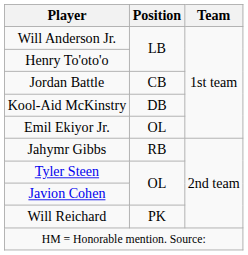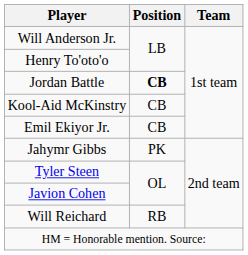 <table class="wikitable" style="text-align: center">
 <tr style="text-align:center">
 <th>Player</th>
 <th>Position</th>
 <th>Team</th>
 </tr>
 <tr>
 <td>Will Anderson Jr.</td>
 <td rowspan=2>LB</td>
 <td rowspan=5>1st team</td>
 </tr>
 <tr>
 <td>Henry To'oto'o</td>
 </tr>
 <tr>
 <td>Jordan Battle</td>
+<td><strong>CB</strong></td>
+</tr>
+<tr>
+<td>Kool-Aid McKinstry</td>
 <td>CB</td>
 </tr>
 <tr>
-<td>Kool-Aid McKinstry</td>
-<td>DB</td>
-</tr>
-<tr>
 <td>Emil Ekiyor Jr.</td>
-<td>OL</td>
+<td>CB</td>
 </tr>
 <tr>
 <td>Jahymr Gibbs</td>
-<td>RB</td>
+<td>PK</td>
 <td rowspan=4>2nd team</td>
 </tr>
 <tr>
 <td><a href='#'>Tyler Steen</a></td>
 <td rowspan=2>OL</td>
 </tr>
 <tr>
 <td><a href='#'>Javion Cohen</a></td>
 </tr>
 <tr>
 <td>Will Reichard</td>
-<td>PK</td>
+<td>RB</td>
 </tr>
 <tr>
 <td colspan="3"><small>HM = Honorable mention. Source:</small></td>
 </tr>
 </table>
